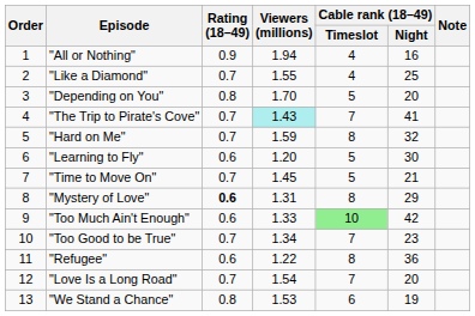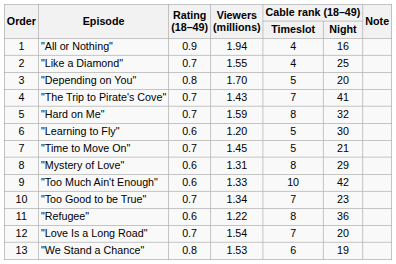 <table class="wikitable sortable plainrowheaders" style="text-align:center">
 <tr>
 <th scope="col" rowspan="2">Order</th>
 <th scope="col" rowspan="2">Episode</th>
 <th scope="col" rowspan="2">Rating<br>(18–49)</th>
 <th scope="col" rowspan="2">Viewers<br>(millions)</th>
 <th scope="col" colspan=2>Cable rank (18–49)</th>
 <th scope="col" rowspan="2">Note</th>
 </tr>
 <tr>
 <th scope="col">Timeslot</th>
 <th scope="col">Night</th>
 </tr>
 <tr>
 <td scope="row">1</td>
 <td style="text-align: left">"All or Nothing"</td>
 <td>0.9</td>
 <td>1.94</td>
 <td>4</td>
 <td>16</td>
 <td></td>
 </tr>
 <tr>
 <td scope="row">2</td>
 <td style="text-align: left">"Like a Diamond"</td>
 <td>0.7</td>
 <td>1.55</td>
 <td>4</td>
 <td>25</td>
 <td></td>
 </tr>
 <tr>
 <td scope="row">3</td>
 <td style="text-align: left">"Depending on You"</td>
 <td>0.8</td>
 <td>1.70</td>
 <td>5</td>
 <td>20</td>
 <td></td>
 </tr>
 <tr>
 <td scope="row">4</td>
 <td style="text-align: left">"The Trip to Pirate's Cove"</td>
 <td>0.7</td>
-<td style="background: paleturquoise;">1.43</td>
+<td>1.43</td>
 <td>7</td>
 <td>41</td>
 <td></td>
 </tr>
 <tr>
 <td scope="row">5</td>
 <td style="text-align: left">"Hard on Me"</td>
 <td>0.7</td>
 <td>1.59</td>
 <td>8</td>
 <td>32</td>
 <td></td>
 </tr>
 <tr>
 <td scope="row">6</td>
 <td style="text-align: left">"Learning to Fly"</td>
 <td>0.6</td>
 <td>1.20</td>
 <td>5</td>
 <td>30</td>
 <td></td>
 </tr>
 <tr>
 <td scope="row">7</td>
 <td style="text-align: left">"Time to Move On"</td>
 <td>0.7</td>
 <td>1.45</td>
 <td>5</td>
 <td>21</td>
 <td></td>
 </tr>
 <tr>
 <td scope="row">8</td>
 <td style="text-align: left">"Mystery of Love"</td>
-<td><strong>0.6</strong></td>
+<td>0.6</td>
 <td>1.31</td>
 <td>8</td>
 <td>29</td>
 <td></td>
 </tr>
 <tr>
 <td scope="row">9</td>
 <td style="text-align: left">"Too Much Ain't Enough"</td>
 <td>0.6</td>
 <td>1.33</td>
-<td style="background: lightgreen;">10</td>
+<td>10</td>
 <td>42</td>
 <td></td>
 </tr>
 <tr>
 <td scope="row">10</td>
 <td style="text-align: left">"Too Good to be True"</td>
 <td>0.7</td>
 <td>1.34</td>
 <td>7</td>
 <td>23</td>
 <td></td>
 </tr>
 <tr>
 <td scope="row">11</td>
 <td style="text-align: left">"Refugee"</td>
 <td>0.6</td>
 <td>1.22</td>
 <td>8</td>
 <td>36</td>
 <td></td>
 </tr>
 <tr>
 <td scope="row">12</td>
 <td style="text-align: left">"Love Is a Long Road"</td>
 <td>0.7</td>
 <td>1.54</td>
 <td>7</td>
 <td>20</td>
 <td></td>
 </tr>
 <tr>
 <td scope="row">13</td>
 <td style="text-align: left">"We Stand a Chance"</td>
 <td>0.8</td>
 <td>1.53</td>
 <td>6</td>
 <td>19</td>
 <td></td>
 </tr>
 </table>
